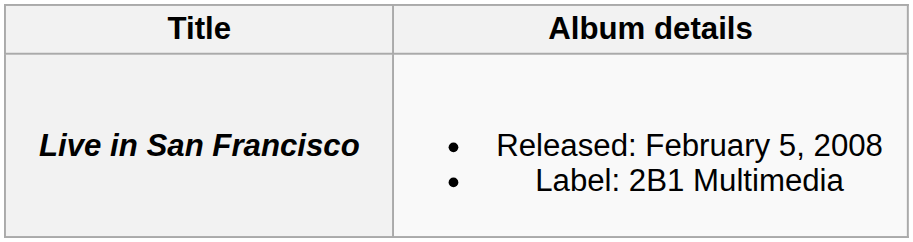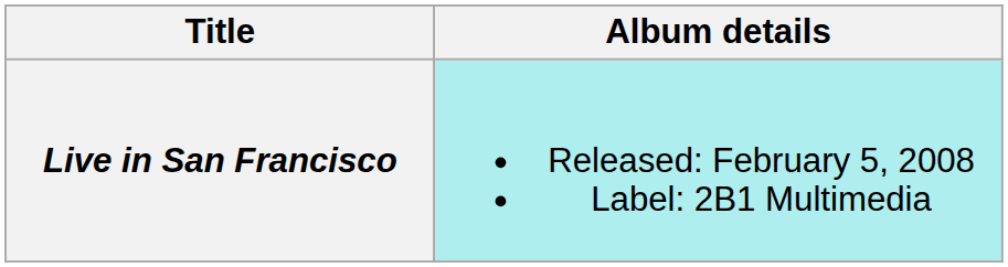 <table class="wikitable plainrowheaders" style="text-align:center;">
 <tr>
 <th scope="col" style="width:12em;">Title</th>
 <th scope="col" style="width:16em;">Album details</th>
 </tr>
 <tr>
 <th scope="row"><em>Live in San Francisco</em></th>
-<td><br><ul><li>Released: February 5, 2008</li><li>Label: 2B1 Multimedia</li></ul></td>
+<td style="background: paleturquoise;"><br><ul><li>Released: February 5, 2008</li><li>Label: 2B1 Multimedia</li></ul></td>
 </tr>
 </table>
